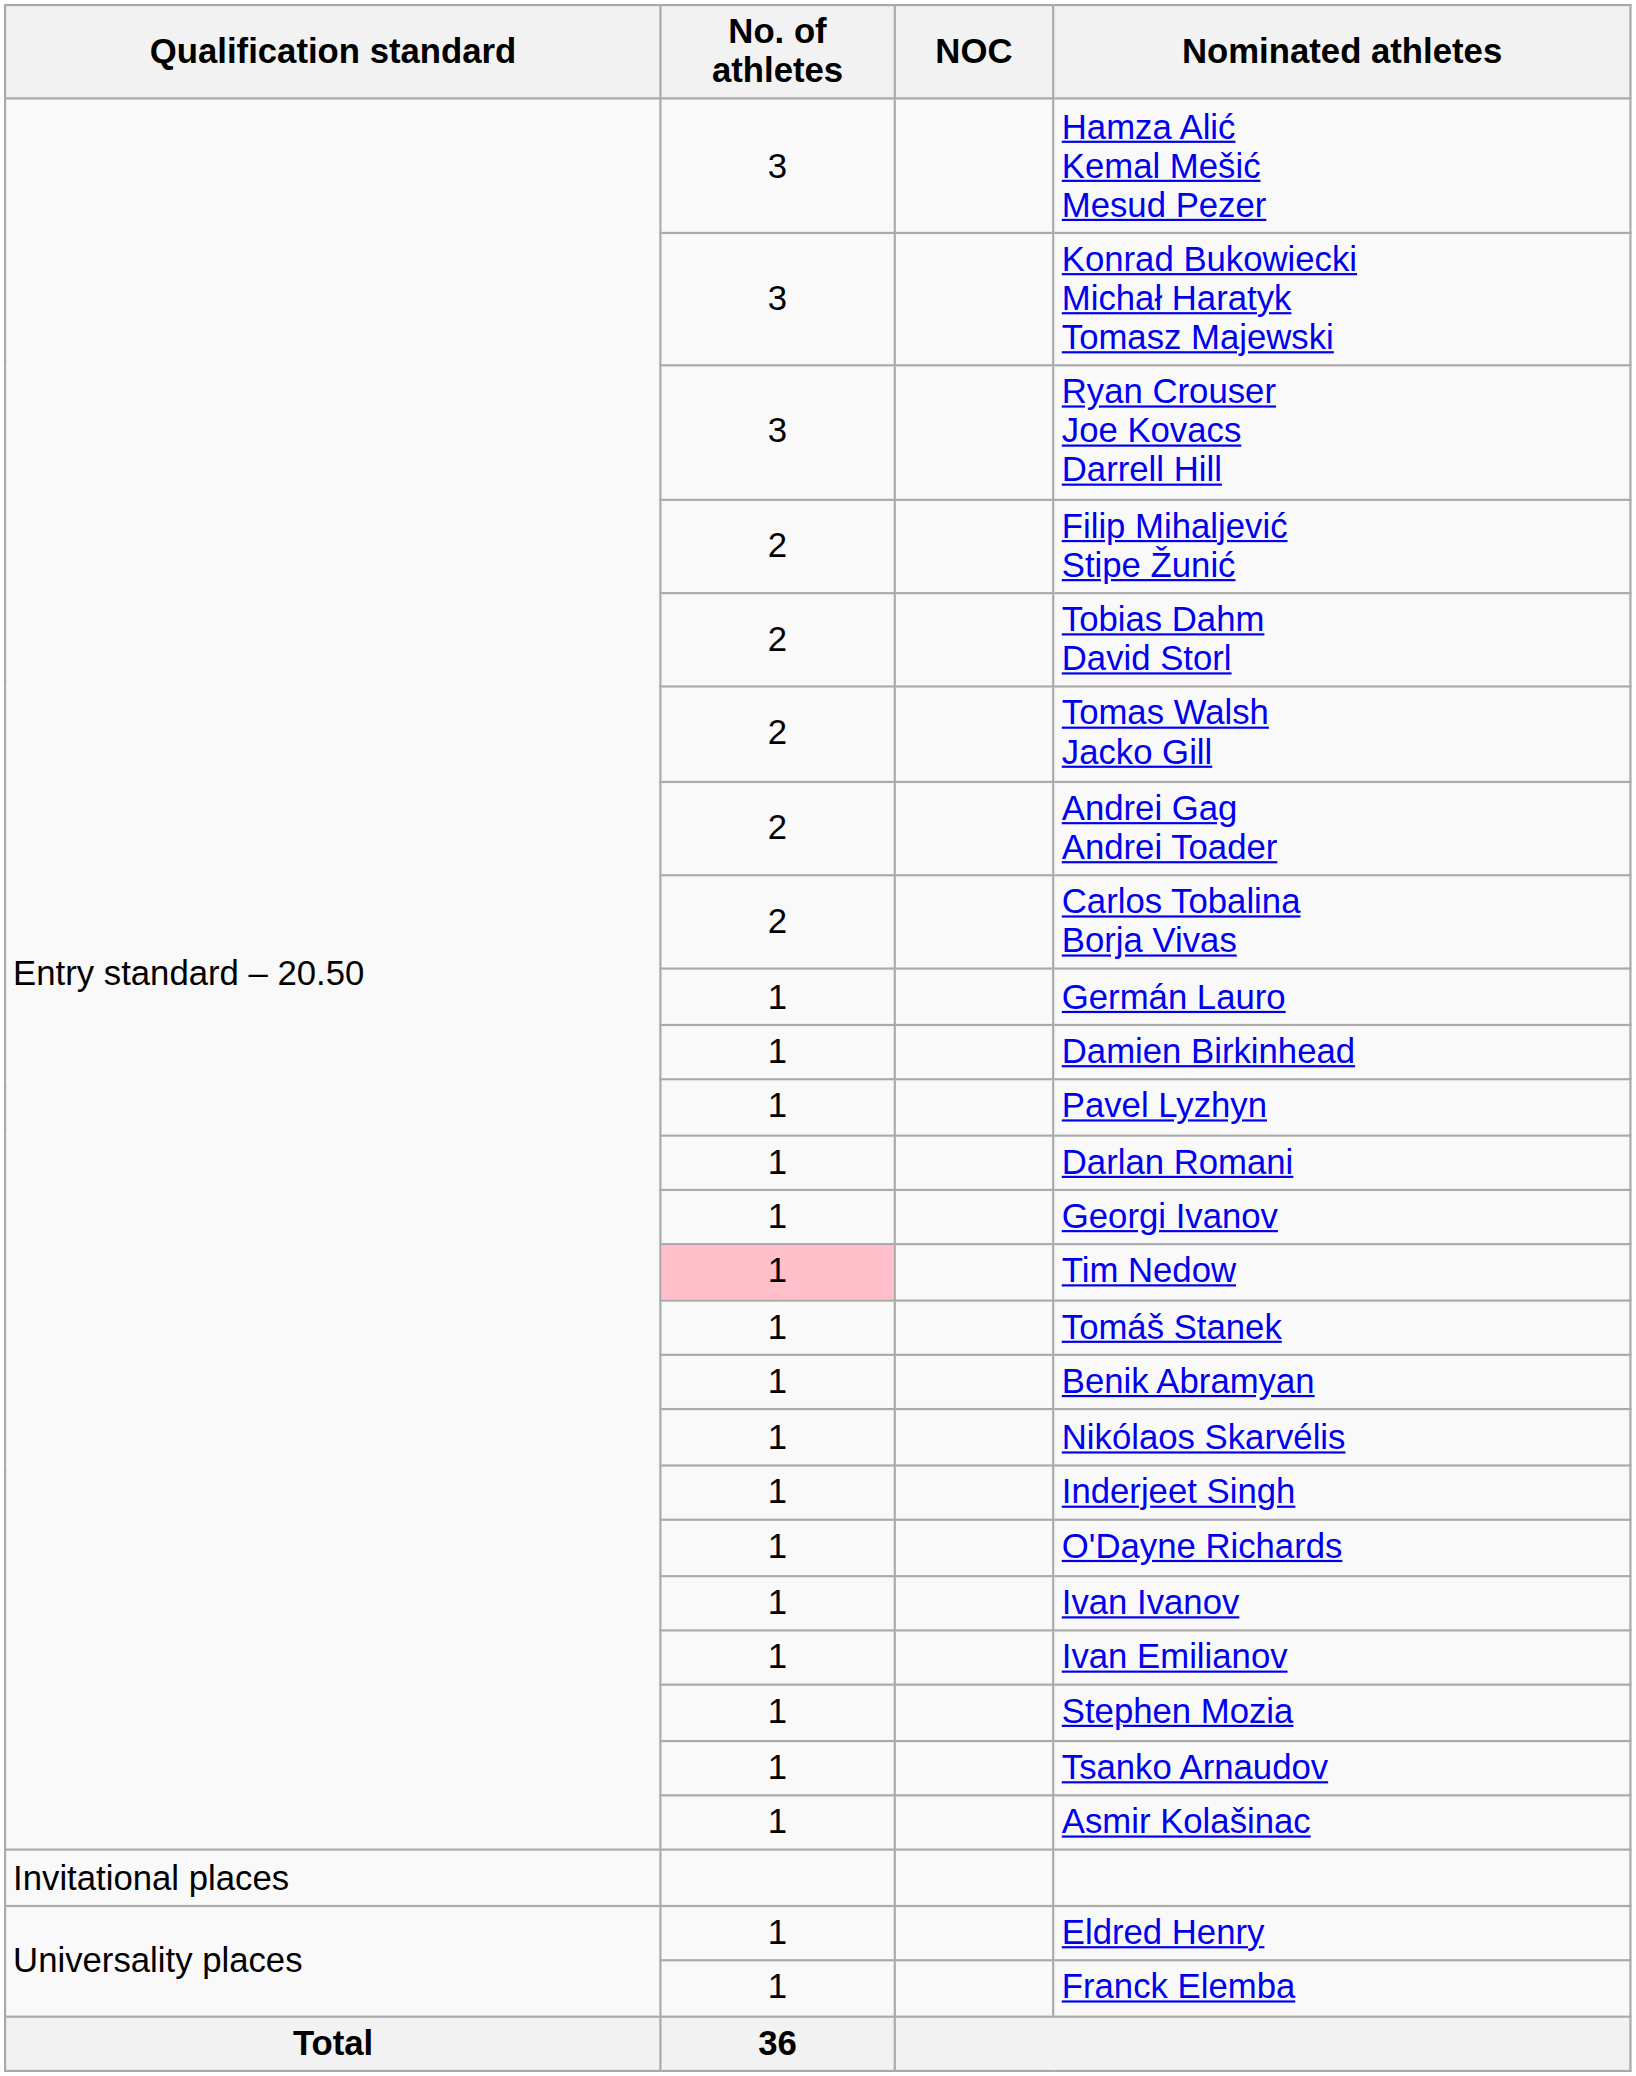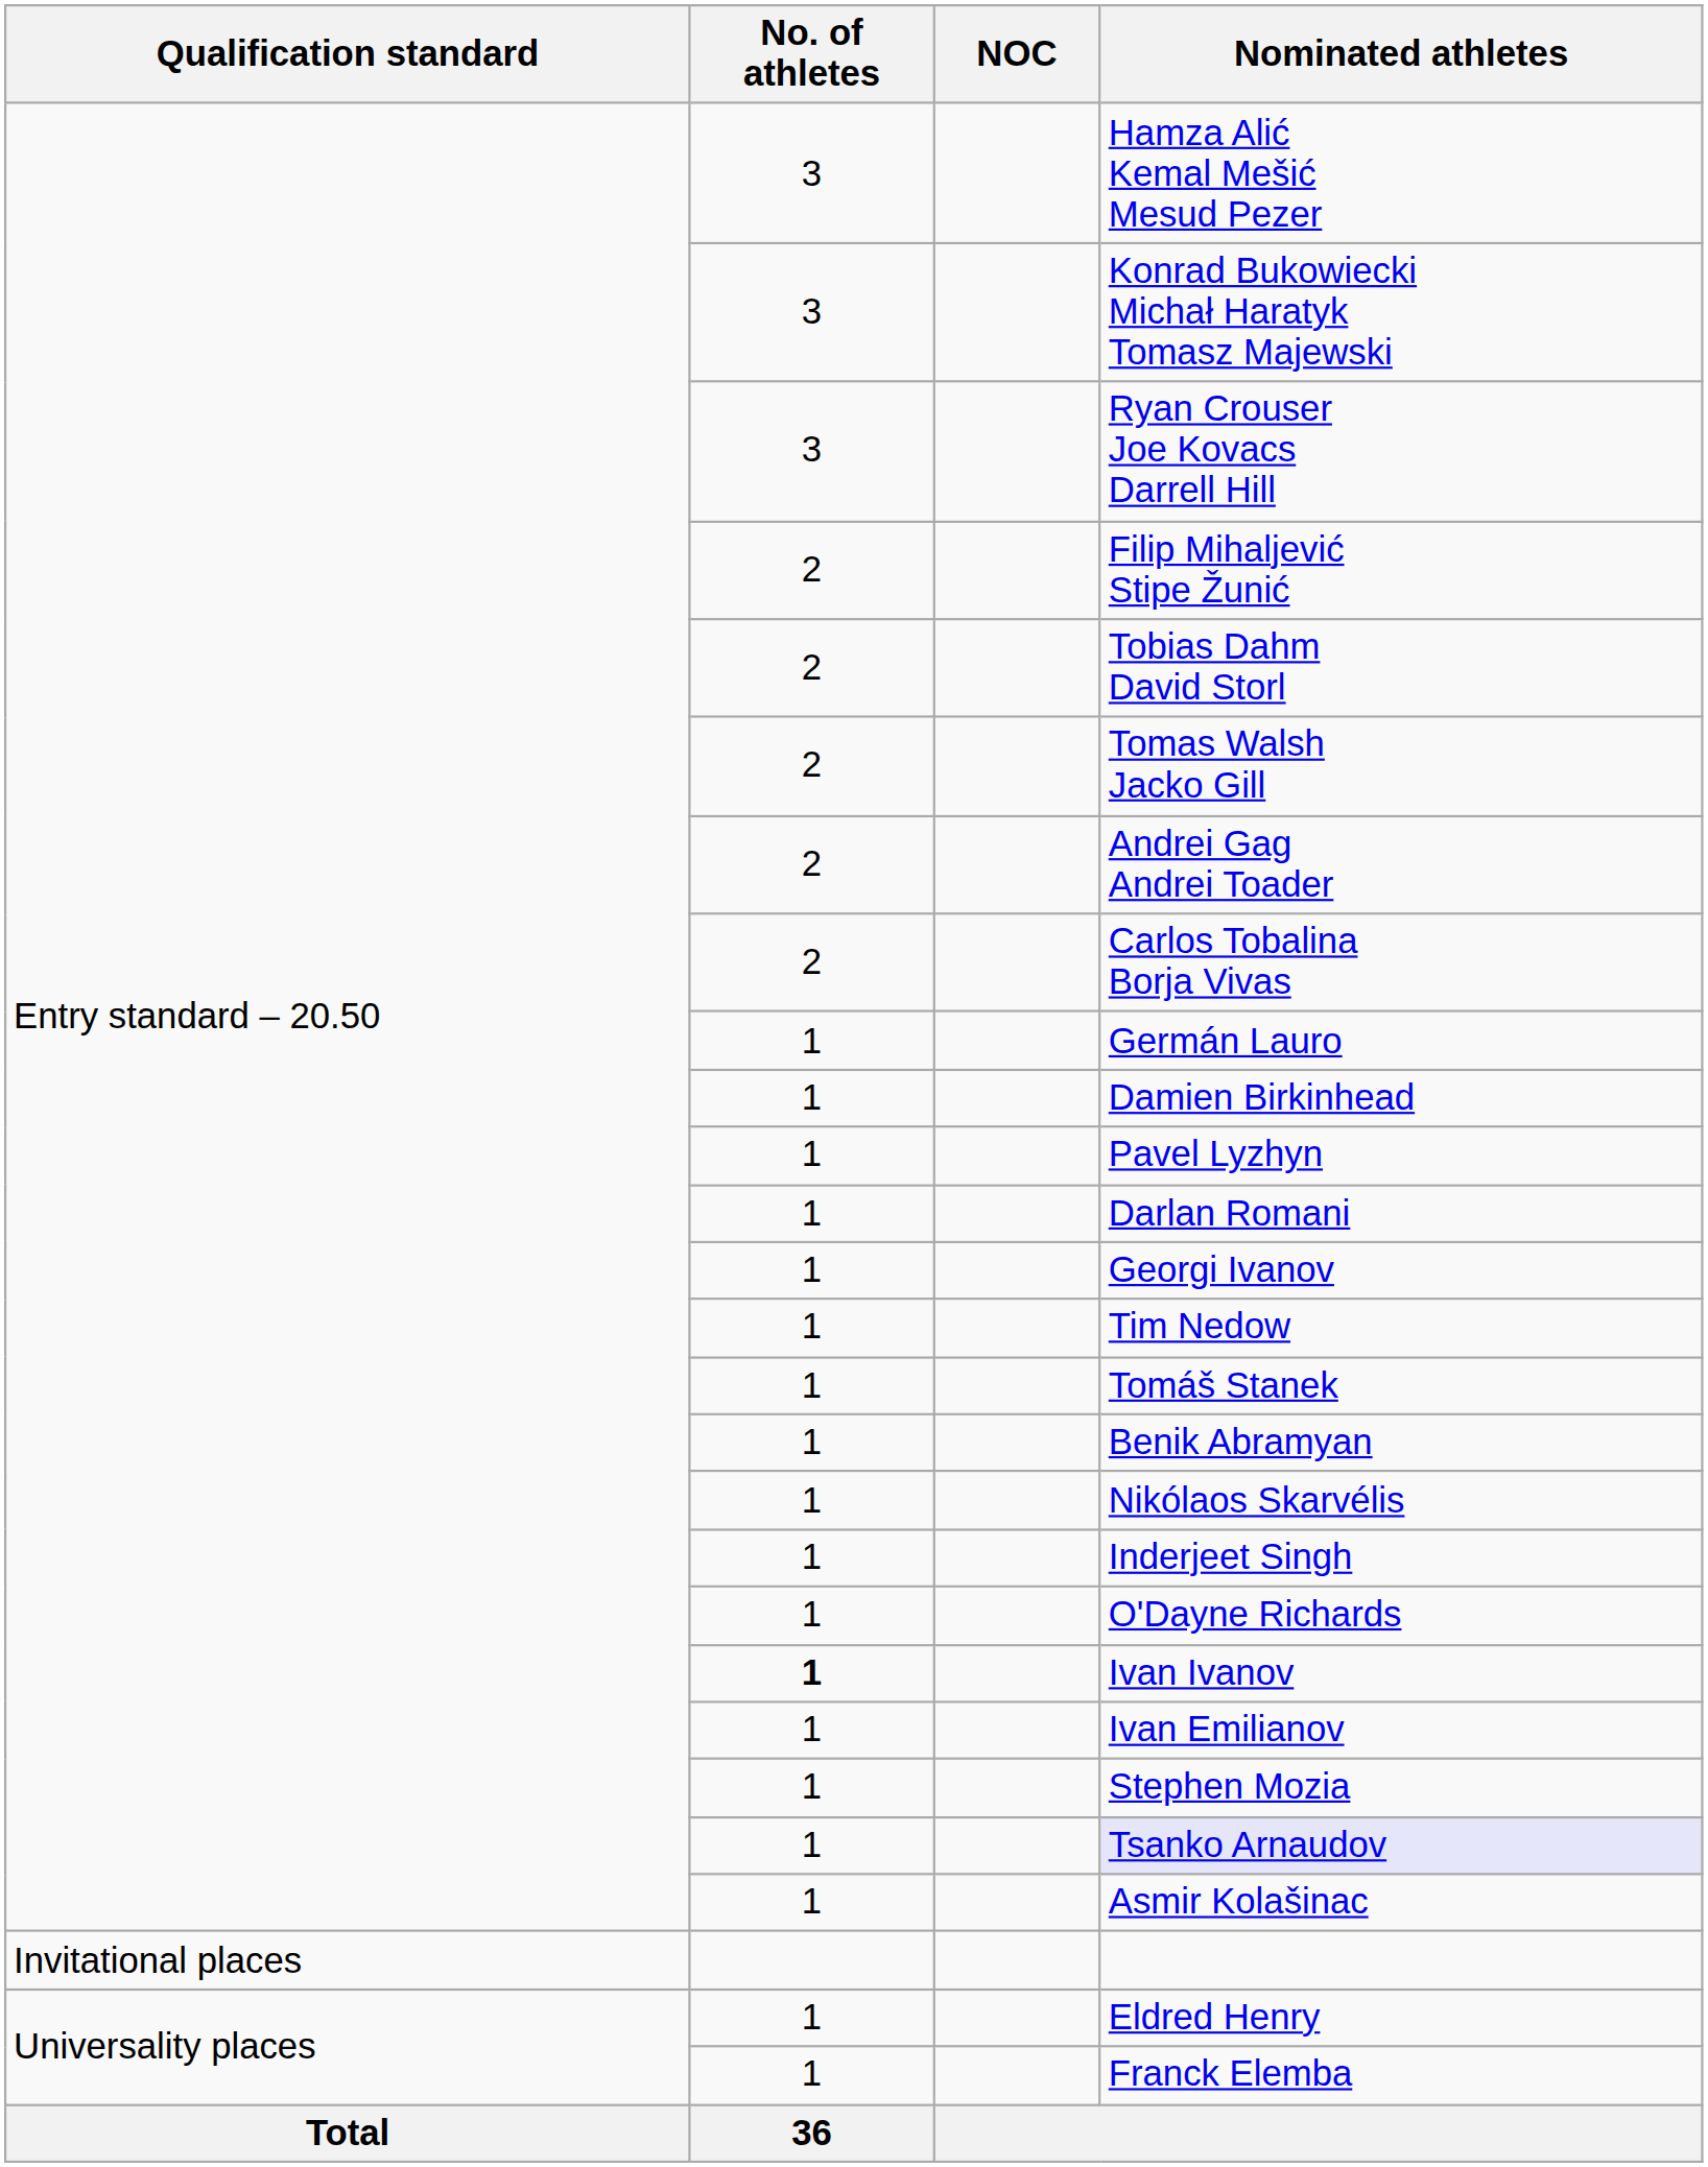 <table class="wikitable"  style="text-align:left; width:750px;">
 <tr>
 <th>Qualification standard</th>
 <th width=100>No. of athletes</th>
 <th>NOC</th>
 <th>Nominated athletes</th>
 </tr>
 <tr>
 <td rowspan=24>Entry standard – 20.50</td>
 <td style="text-align:center;">3</td>
 <td></td>
 <td><a href='#'>Hamza Alić</a><br><a href='#'>Kemal Mešić</a><br><a href='#'>Mesud Pezer</a></td>
 </tr>
 <tr>
 <td style="text-align:center;">3</td>
 <td></td>
 <td><a href='#'>Konrad Bukowiecki</a><br><a href='#'>Michał Haratyk</a><br><a href='#'>Tomasz Majewski</a></td>
 </tr>
 <tr>
 <td style="text-align:center;">3</td>
 <td></td>
 <td><a href='#'>Ryan Crouser</a><br><a href='#'>Joe Kovacs</a><br> <a href='#'>Darrell Hill</a></td>
 </tr>
 <tr>
 <td style="text-align:center;">2</td>
 <td></td>
 <td><a href='#'>Filip Mihaljević</a><br><a href='#'>Stipe Žunić</a></td>
 </tr>
 <tr>
 <td style="text-align:center;">2</td>
 <td></td>
 <td><a href='#'>Tobias Dahm</a><br><a href='#'>David Storl</a></td>
 </tr>
 <tr>
 <td style="text-align:center;">2</td>
 <td></td>
 <td><a href='#'>Tomas Walsh</a><br><a href='#'>Jacko Gill</a></td>
 </tr>
 <tr>
 <td style="text-align:center;">2</td>
 <td></td>
 <td><a href='#'>Andrei Gag</a><br><a href='#'>Andrei Toader</a></td>
 </tr>
 <tr>
 <td style="text-align:center;">2</td>
 <td></td>
 <td><a href='#'>Carlos Tobalina</a><br><a href='#'>Borja Vivas</a></td>
 </tr>
 <tr>
 <td style="text-align:center;">1</td>
 <td></td>
 <td><a href='#'>Germán Lauro</a></td>
 </tr>
 <tr>
 <td style="text-align:center;">1</td>
 <td></td>
 <td><a href='#'>Damien Birkinhead</a></td>
 </tr>
 <tr>
 <td style="text-align:center;">1</td>
 <td></td>
 <td><a href='#'>Pavel Lyzhyn</a></td>
 </tr>
 <tr>
 <td style="text-align:center;">1</td>
 <td></td>
 <td><a href='#'>Darlan Romani</a></td>
 </tr>
 <tr>
 <td style="text-align:center;">1</td>
 <td></td>
 <td><a href='#'>Georgi Ivanov</a></td>
 </tr>
 <tr>
-<td style="background: pink; text-align:center;">1</td>
+<td style="text-align:center;">1</td>
 <td></td>
 <td><a href='#'>Tim Nedow</a></td>
 </tr>
 <tr>
 <td style="text-align:center;">1</td>
 <td></td>
 <td><a href='#'>Tomáš Stanek</a></td>
 </tr>
 <tr>
 <td style="text-align:center;">1</td>
 <td></td>
 <td><a href='#'>Benik Abramyan</a></td>
 </tr>
 <tr>
 <td style="text-align:center;">1</td>
 <td></td>
 <td><a href='#'>Nikólaos Skarvélis</a></td>
 </tr>
 <tr>
 <td style="text-align:center;">1</td>
 <td></td>
 <td><a href='#'>Inderjeet Singh</a></td>
 </tr>
 <tr>
 <td style="text-align:center;">1</td>
 <td></td>
 <td><a href='#'>O'Dayne Richards</a></td>
 </tr>
 <tr>
-<td style="text-align:center;">1</td>
+<td style="text-align:center;"><strong>1</strong></td>
 <td></td>
 <td><a href='#'>Ivan Ivanov</a></td>
 </tr>
 <tr>
 <td style="text-align:center;">1</td>
 <td></td>
 <td><a href='#'>Ivan Emilianov</a></td>
 </tr>
 <tr>
 <td style="text-align:center;">1</td>
 <td></td>
 <td><a href='#'>Stephen Mozia</a></td>
 </tr>
 <tr>
 <td style="text-align:center;">1</td>
 <td></td>
-<td><a href='#'>Tsanko Arnaudov</a></td>
+<td style="background: lavender;"><a href='#'>Tsanko Arnaudov</a></td>
 </tr>
 <tr>
 <td style="text-align:center;">1</td>
 <td></td>
 <td><a href='#'>Asmir Kolašinac</a></td>
 </tr>
 <tr>
 <td>Invitational places</td>
 <td></td>
 <td></td>
 <td></td>
 </tr>
 <tr>
 <td rowspan=2>Universality places</td>
 <td style="text-align:center;">1</td>
 <td></td>
 <td><a href='#'>Eldred Henry</a></td>
 </tr>
 <tr>
 <td style="text-align:center;">1</td>
 <td></td>
 <td><a href='#'>Franck Elemba</a></td>
 </tr>
 <tr>
 <th>Total</th>
 <th>36</th>
 <th colspan=2></th>
 </tr>
 </table>
